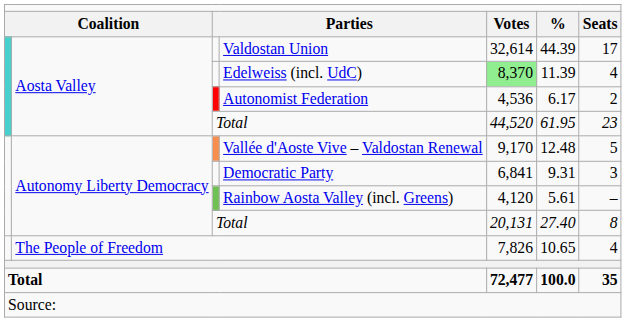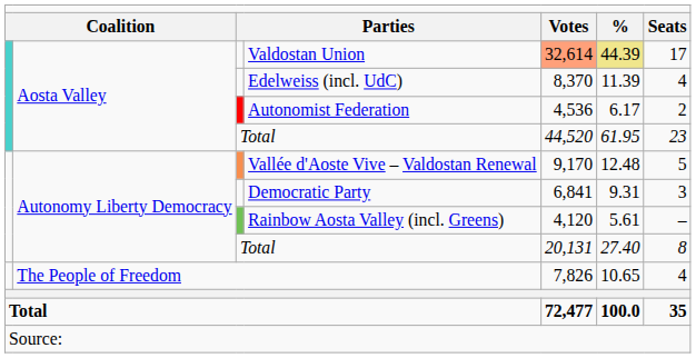 <table class="wikitable">
 <tr>
 <td colspan=10></td>
 </tr>
 <tr>
 <th colspan=2>Coalition</th>
 <th colspan=2>Parties</th>
 <th>Votes</th>
 <th>%</th>
 <th>Seats</th>
 </tr>
 <tr>
 <td rowspan=4 bgcolor="#48D1CC"></td>
 <td rowspan=4><a href='#'>Aosta Valley</a></td>
 <td></td>
 <td><a href='#'>Valdostan Union</a></td>
-<td align=right>32,614</td>
-<td align=right>44.39</td>
+<td align=right style="background: lightsalmon;">32,614</td>
+<td align=right style="background: khaki;">44.39</td>
 <td align=right>17</td>
 </tr>
 <tr>
 <td></td>
 <td><a href='#'>Edelweiss</a> (incl. <a href='#'>UdC</a>)</td>
-<td align=right style="background: lightgreen;">8,370</td>
+<td align=right>8,370</td>
 <td align=right>11.39</td>
 <td align=right>4</td>
 </tr>
 <tr>
 <td bgcolor="red"></td>
 <td><a href='#'>Autonomist Federation</a></td>
 <td align=right>4,536</td>
 <td align=right>6.17</td>
 <td align=right>2</td>
 </tr>
 <tr>
 <td colspan=2><em>Total</em></td>
 <td align=right><em>44,520</em></td>
 <td align=right><em>61.95</em></td>
 <td align=right><em>23</em></td>
 </tr>
 <tr>
 <td rowspan=4></td>
 <td rowspan=4><a href='#'>Autonomy Liberty Democracy</a></td>
 <td bgcolor="#F88E4D"></td>
 <td><a href='#'>Vallée d'Aoste Vive</a> – <a href='#'>Valdostan Renewal</a></td>
 <td align=right>9,170</td>
 <td align=right>12.48</td>
 <td align=right>5</td>
 </tr>
 <tr>
 <td></td>
 <td><a href='#'>Democratic Party</a></td>
 <td align=right>6,841</td>
 <td align=right>9.31</td>
 <td align=right>3</td>
 </tr>
 <tr>
 <td bgcolor="#70C154"></td>
 <td><a href='#'>Rainbow Aosta Valley</a> (incl. <a href='#'>Greens</a>)</td>
 <td align=right>4,120</td>
 <td align=right>5.61</td>
 <td align=right>–</td>
 </tr>
 <tr>
 <td colspan=2><em>Total</em></td>
 <td align=right><em>20,131</em></td>
 <td align=right><em>27.40</em></td>
 <td align=right><em>8</em></td>
 </tr>
 <tr>
 <td></td>
 <td colspan=3><a href='#'>The People of Freedom</a></td>
 <td align=right>7,826</td>
 <td align=right>10.65</td>
 <td align=right>4</td>
 </tr>
 <tr>
 <th colspan=7></th>
 </tr>
 <tr>
 <td colspan=4><strong>Total</strong></td>
 <td align=right><strong>72,477</strong></td>
 <td align=right><strong>100.0</strong></td>
 <td align=right><strong>35</strong></td>
 </tr>
 <tr>
 <td colspan=7>Source: </td>
 </tr>
 </table>
